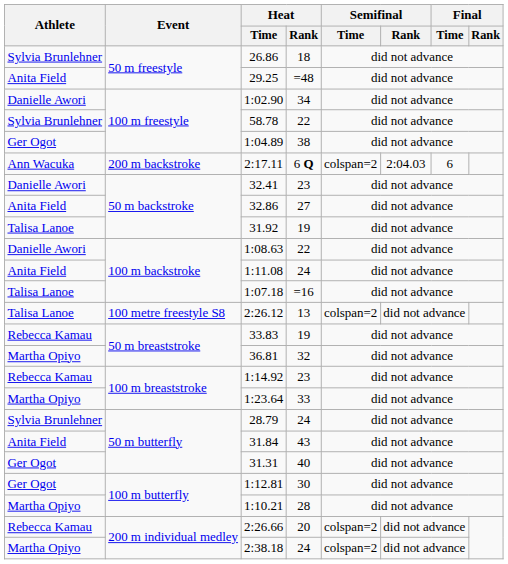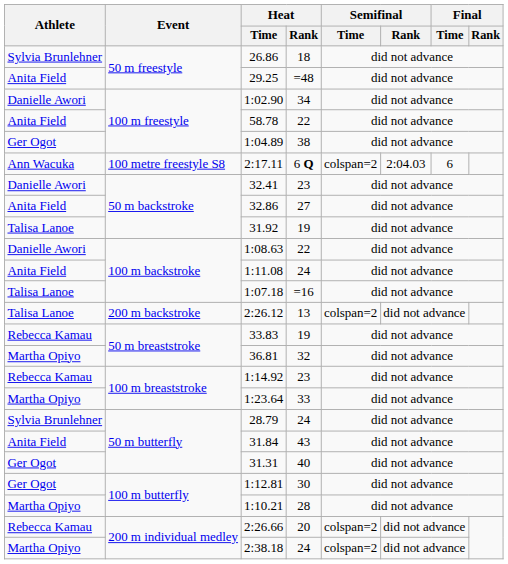 <table class=wikitable style=font-size:90%>
 <tr>
 <th rowspan=2>Athlete</th>
 <th rowspan=2>Event</th>
 <th colspan=2>Heat</th>
 <th colspan=2>Semifinal</th>
 <th colspan=2>Final</th>
 </tr>
 <tr style=font-size:95%>
 <th>Time</th>
 <th>Rank</th>
 <th>Time</th>
 <th>Rank</th>
 <th>Time</th>
 <th>Rank</th>
 </tr>
 <tr align=center>
 <td align=left><a href='#'>Sylvia Brunlehner</a></td>
 <td align=left rowspan=2><a href='#'>50 m freestyle</a></td>
 <td>26.86</td>
 <td>18</td>
 <td colspan=4>did not advance</td>
 </tr>
 <tr align=center>
 <td align=left><a href='#'>Anita Field</a></td>
 <td>29.25</td>
 <td>=48</td>
 <td colspan=4>did not advance</td>
 </tr>
 <tr align=center>
 <td align=left><a href='#'>Danielle Awori</a></td>
 <td align=left rowspan=3><a href='#'>100 m freestyle</a></td>
 <td>1:02.90</td>
 <td>34</td>
 <td colspan=4>did not advance</td>
 </tr>
 <tr align=center>
-<td align=left><a href='#'>Sylvia Brunlehner</a></td>
+<td align=left><a href='#'>Anita Field</a></td>
 <td>58.78</td>
 <td>22</td>
 <td colspan=4>did not advance</td>
 </tr>
 <tr align=center>
 <td align=left><a href='#'>Ger Ogot</a></td>
 <td>1:04.89</td>
 <td>38</td>
 <td colspan=4>did not advance</td>
 </tr>
 <tr align=center>
 <td align=left><a href='#'>Ann Wacuka</a></td>
-<td align=left><a href='#'>200 m backstroke</a></td>
+<td align=left><a href='#'>100 metre freestyle S8</a></td>
 <td>2:17.11</td>
 <td>6 <strong>Q</strong></td>
 <td>colspan=2 </td>
 <td>2:04.03</td>
 <td>6</td>
 </tr>
 <tr align=center>
 <td align=left><a href='#'>Danielle Awori</a></td>
 <td align=left rowspan=3><a href='#'>50 m backstroke</a></td>
 <td>32.41</td>
 <td>23</td>
 <td colspan=4>did not advance</td>
 </tr>
 <tr align=center>
 <td align=left><a href='#'>Anita Field</a></td>
 <td>32.86</td>
 <td>27</td>
 <td colspan=4>did not advance</td>
 </tr>
 <tr align=center>
 <td align=left><a href='#'>Talisa Lanoe</a></td>
 <td>31.92</td>
 <td>19</td>
 <td colspan=4>did not advance</td>
 </tr>
 <tr align=center>
 <td align=left><a href='#'>Danielle Awori</a></td>
 <td align=left rowspan=3><a href='#'>100 m backstroke</a></td>
 <td>1:08.63</td>
 <td>22</td>
 <td colspan=4>did not advance</td>
 </tr>
 <tr align=center>
 <td align=left><a href='#'>Anita Field</a></td>
 <td>1:11.08</td>
 <td>24</td>
 <td colspan=4>did not advance</td>
 </tr>
 <tr align=center>
 <td align=left><a href='#'>Talisa Lanoe</a></td>
 <td>1:07.18</td>
 <td>=16</td>
 <td colspan=4>did not advance</td>
 </tr>
 <tr align=center>
 <td align=left><a href='#'>Talisa Lanoe</a></td>
-<td align=left><a href='#'>100 metre freestyle S8</a></td>
+<td align=left><a href='#'>200 m backstroke</a></td>
 <td>2:26.12</td>
 <td>13</td>
 <td>colspan=2 </td>
 <td colspan=2>did not advance</td>
 </tr>
 <tr align=center>
 <td align=left><a href='#'>Rebecca Kamau</a></td>
 <td align=left rowspan=2><a href='#'>50 m breaststroke</a></td>
 <td>33.83</td>
 <td>19</td>
 <td colspan=4>did not advance</td>
 </tr>
 <tr align=center>
 <td align=left><a href='#'>Martha Opiyo</a></td>
 <td>36.81</td>
 <td>32</td>
 <td colspan=4>did not advance</td>
 </tr>
 <tr align=center>
 <td align=left><a href='#'>Rebecca Kamau</a></td>
 <td align=left rowspan=2><a href='#'>100 m breaststroke</a></td>
 <td>1:14.92</td>
 <td>23</td>
 <td colspan=4>did not advance</td>
 </tr>
 <tr align=center>
 <td align=left><a href='#'>Martha Opiyo</a></td>
 <td>1:23.64</td>
 <td>33</td>
 <td colspan=4>did not advance</td>
 </tr>
 <tr align=center>
 <td align=left><a href='#'>Sylvia Brunlehner</a></td>
 <td align=left rowspan=3><a href='#'>50 m butterfly</a></td>
 <td>28.79</td>
 <td>24</td>
 <td colspan=4>did not advance</td>
 </tr>
 <tr align=center>
 <td align=left><a href='#'>Anita Field</a></td>
 <td>31.84</td>
 <td>43</td>
 <td colspan=4>did not advance</td>
 </tr>
 <tr align=center>
 <td align=left><a href='#'>Ger Ogot</a></td>
 <td>31.31</td>
 <td>40</td>
 <td colspan=4>did not advance</td>
 </tr>
 <tr align=center>
 <td align=left><a href='#'>Ger Ogot</a></td>
 <td align=left rowspan=2><a href='#'>100 m butterfly</a></td>
 <td>1:12.81</td>
 <td>30</td>
 <td colspan=4>did not advance</td>
 </tr>
 <tr align=center>
 <td align=left><a href='#'>Martha Opiyo</a></td>
 <td>1:10.21</td>
 <td>28</td>
 <td colspan=4>did not advance</td>
 </tr>
 <tr align=center>
 <td align=left><a href='#'>Rebecca Kamau</a></td>
 <td align=left rowspan=2><a href='#'>200 m individual medley</a></td>
 <td>2:26.66</td>
 <td>20</td>
 <td>colspan=2 </td>
 <td colspan=2>did not advance</td>
 </tr>
 <tr align=center>
 <td align=left><a href='#'>Martha Opiyo</a></td>
 <td>2:38.18</td>
 <td>24</td>
 <td>colspan=2 </td>
 <td colspan=2>did not advance</td>
 </tr>
 </table>
